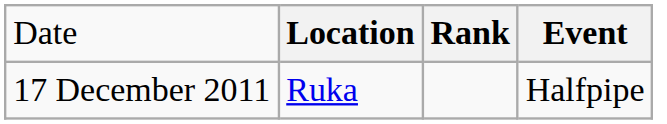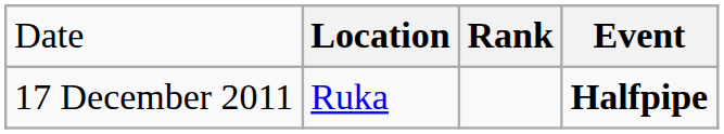 <table class="wikitable sortable" style="font-size:90%" style="text-align:center">
 <tr>
 <td>Date</td>
 <th>Location</th>
 <th>Rank</th>
 <th>Event</th>
 </tr>
 <tr>
 <td>17 December 2011</td>
 <td><a href='#'>Ruka</a></td>
 <td></td>
-<td>Halfpipe</td>
+<td><strong>Halfpipe</strong></td>
 </tr>
 </table>
